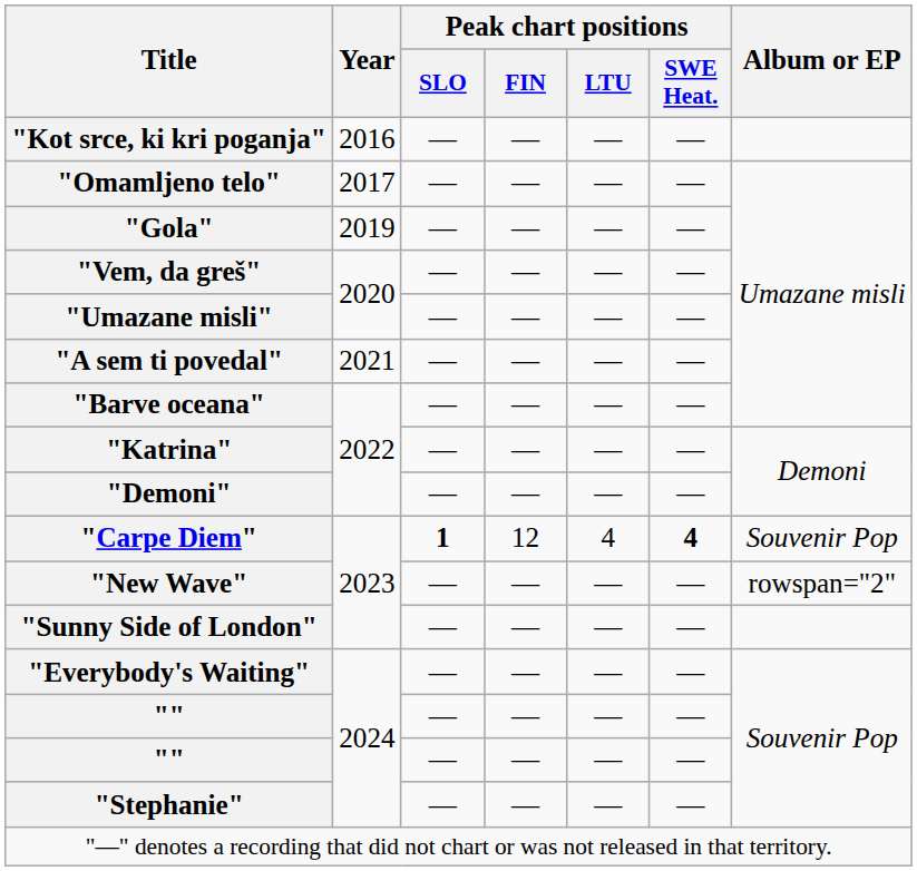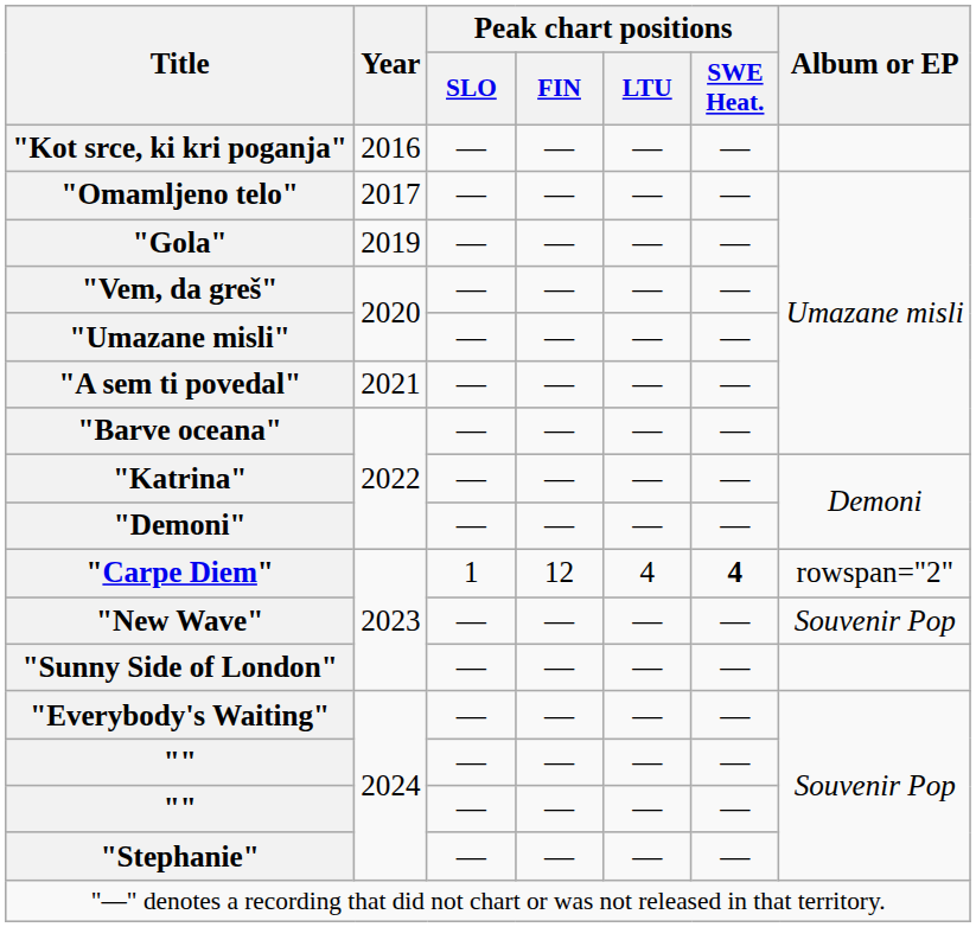 <table class="wikitable plainrowheaders" style="text-align:center;">
 <tr>
 <th scope="col" rowspan="2">Title</th>
 <th scope="col" rowspan="2">Year</th>
 <th scope="col" colspan="4">Peak chart positions</th>
 <th scope="col" rowspan="2">Album or EP</th>
 </tr>
 <tr>
 <th style="width:3em;font-size:85%;"><a href='#'>SLO</a><br></th>
 <th style="width:3em;font-size:85%;"><a href='#'>FIN</a><br></th>
 <th style="width:3em;font-size:85%;"><a href='#'>LTU</a><br></th>
 <th style="width:3em;font-size:85%;"><a href='#'>SWE<br>Heat.</a><br></th>
 </tr>
 <tr>
 <th scope="row">"Kot srce, ki kri poganja"</th>
 <td>2016</td>
 <td>—</td>
 <td>—</td>
 <td>—</td>
 <td>—</td>
 <td></td>
 </tr>
 <tr>
 <th scope="row">"Omamljeno telo"</th>
 <td>2017</td>
 <td>—</td>
 <td>—</td>
 <td>—</td>
 <td>—</td>
 <td rowspan="6"><em>Umazane misli</em></td>
 </tr>
 <tr>
 <th scope="row">"Gola"</th>
 <td>2019</td>
 <td>—</td>
 <td>—</td>
 <td>—</td>
 <td>—</td>
 </tr>
 <tr>
 <th scope="row">"Vem, da greš"</th>
 <td rowspan="2">2020</td>
 <td>—</td>
 <td>—</td>
 <td>—</td>
 <td>—</td>
 </tr>
 <tr>
 <th scope="row">"Umazane misli"</th>
 <td>—</td>
 <td>—</td>
 <td>—</td>
 <td>—</td>
 </tr>
 <tr>
 <th scope="row">"A sem ti povedal"</th>
 <td>2021</td>
 <td>—</td>
 <td>—</td>
 <td>—</td>
 <td>—</td>
 </tr>
 <tr>
 <th scope="row">"Barve oceana"</th>
 <td rowspan="3">2022</td>
 <td>—</td>
 <td>—</td>
 <td>—</td>
 <td>—</td>
 </tr>
 <tr>
 <th scope="row">"Katrina"</th>
 <td>—</td>
 <td>—</td>
 <td>—</td>
 <td>—</td>
 <td rowspan="2"><em>Demoni</em></td>
 </tr>
 <tr>
 <th scope="row">"Demoni"</th>
 <td>—</td>
 <td>—</td>
 <td>—</td>
 <td>—</td>
 </tr>
 <tr>
 <th scope="row">"<a href='#'>Carpe Diem</a>"</th>
 <td rowspan="3">2023</td>
-<td><strong>1</strong></td>
+<td>1</td>
 <td>12</td>
 <td>4</td>
 <td><strong>4</strong></td>
-<td><em>Souvenir Pop</em></td>
+<td>rowspan="2" </td>
 </tr>
 <tr>
 <th scope="row">"New Wave" <br></th>
 <td>—</td>
 <td>—</td>
 <td>—</td>
 <td>—</td>
-<td>rowspan="2" </td>
+<td><em>Souvenir Pop</em></td>
 </tr>
 <tr>
 <th scope="row">"Sunny Side of London"</th>
 <td>—</td>
 <td>—</td>
 <td>—</td>
 <td>—</td>
 </tr>
 <tr>
 <th scope="row">"Everybody's Waiting"</th>
 <td rowspan="4">2024</td>
 <td>—</td>
 <td>—</td>
 <td>—</td>
 <td>—</td>
 <td rowspan="4"><em>Souvenir Pop</em></td>
 </tr>
 <tr>
 <th scope="row">""</th>
 <td>—</td>
 <td>—</td>
 <td>—</td>
 <td>—</td>
 </tr>
 <tr>
 <th scope="row">""</th>
 <td>—</td>
 <td>—</td>
 <td>—</td>
 <td>—</td>
 </tr>
 <tr>
 <th scope="row">"Stephanie"</th>
 <td>—</td>
 <td>—</td>
 <td>—</td>
 <td>—</td>
 </tr>
 <tr>
 <td colspan="7" style="font-size:85%">"—" denotes a recording that did not chart or was not released in that territory.</td>
 </tr>
 </table>
